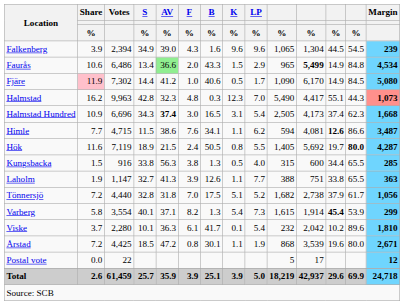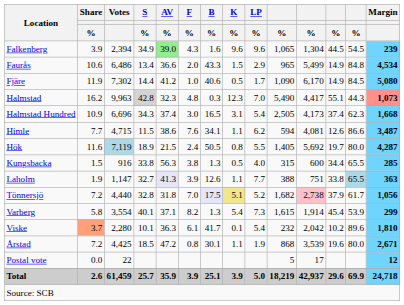 <table class="wikitable sortable" style="text-align:right; font-size:95%; line-height:20px;">
 <tr>
 <th rowspan="3">Location</th>
 <th>Share</th>
 <th>Votes</th>
 <th width="30px" class="unsortable"><a href='#'>S</a></th>
 <th width="30px" class="unsortable"><a href='#'>AV</a></th>
 <th width="30px" class="unsortable"><a href='#'>F</a></th>
 <th width="30px" class="unsortable"><a href='#'>B</a></th>
 <th width="30px" class="unsortable"><a href='#'>K</a></th>
 <th width="30px" class="unsortable"><a href='#'>LP</a></th>
 <th></th>
 <th></th>
 <th></th>
 <th></th>
 <th>Margin</th>
 </tr>
 <tr>
 <th></th>
 <th></th>
 <th style="background:"></th>
 <th style="background:"></th>
 <th style="background:"></th>
 <th style="background:"></th>
 <th style="background:"></th>
 <th style="background:"></th>
 <th style="background:"></th>
 <th style="background:"></th>
 <th style="background:"></th>
 <th style="background:"></th>
 <th></th>
 </tr>
 <tr>
 <th data-sort-type="number">%</th>
 <th></th>
 <th data-sort-type="number">%</th>
 <th data-sort-type="number">%</th>
 <th data-sort-type="number">%</th>
 <th data-sort-type="number">%</th>
 <th data-sort-type="number">%</th>
 <th data-sort-type="number">%</th>
 <th data-sort-type="number">%</th>
 <th data-sort-type="number">%</th>
 <th data-sort-type="number">%</th>
 <th data-sort-type="number">%</th>
 <th></th>
 </tr>
 <tr>
 <td align=left><a href='#'>Falkenberg</a></td>
 <td>3.9</td>
 <td>2,394</td>
 <td>34.9</td>
-<td>39.0</td>
+<td style="background: lightgreen;">39.0</td>
 <td>4.3</td>
 <td>1.6</td>
 <td>9.6</td>
 <td>9.6</td>
 <td>1,065</td>
 <td>1,304</td>
 <td>44.5</td>
 <td>54.5</td>
 <td bgcolor=#6fd5fe><strong>239</strong></td>
 </tr>
 <tr>
 <td align=left><a href='#'>Faurås</a></td>
 <td>10.6</td>
 <td>6,486</td>
 <td>13.4</td>
-<td style="background: lightgreen;">36.6</td>
+<td>36.6</td>
 <td>2.0</td>
 <td>43.3</td>
 <td>1.5</td>
 <td>2.9</td>
 <td>965</td>
-<td><strong>5,499</strong></td>
+<td>5,499</td>
 <td>14.9</td>
 <td>84.8</td>
 <td bgcolor=#6fd5fe><strong>4,534</strong></td>
 </tr>
 <tr>
 <td align=left><a href='#'>Fjäre</a></td>
-<td style="background: pink;">11.9</td>
+<td>11.9</td>
 <td>7,302</td>
 <td>14.4</td>
 <td>41.2</td>
 <td>1.0</td>
 <td>40.6</td>
 <td>0.5</td>
 <td>1.7</td>
 <td>1,090</td>
 <td>6,170</td>
 <td>14.9</td>
 <td>84.5</td>
 <td bgcolor=#6fd5fe><strong>5,080</strong></td>
 </tr>
 <tr>
 <td align=left><a href='#'>Halmstad</a></td>
 <td>16.2</td>
 <td>9,963</td>
-<td>42.8</td>
+<td style="background: lightgrey;">42.8</td>
 <td>32.3</td>
 <td>4.8</td>
 <td>0.3</td>
 <td>12.3</td>
 <td>7.0</td>
 <td>5,490</td>
 <td>4,417</td>
 <td>55.1</td>
 <td>44.3</td>
 <td bgcolor=#ff908c><strong>1,073</strong></td>
 </tr>
 <tr>
 <td align=left><a href='#'>Halmstad Hundred</a></td>
 <td>10.9</td>
 <td>6,696</td>
 <td>34.3</td>
-<td><strong>37.4</strong></td>
+<td>37.4</td>
 <td>3.0</td>
 <td>16.5</td>
 <td>3.1</td>
 <td>5.4</td>
 <td>2,505</td>
 <td>4,173</td>
 <td>37.4</td>
 <td>62.3</td>
 <td bgcolor=#6fd5fe><strong>1,668</strong></td>
 </tr>
 <tr>
 <td align=left><a href='#'>Himle</a></td>
 <td>7.7</td>
 <td>4,715</td>
 <td>11.5</td>
 <td>38.6</td>
 <td>7.6</td>
 <td>34.1</td>
 <td>1.1</td>
 <td>6.2</td>
 <td>594</td>
 <td>4,081</td>
-<td><strong>12.6</strong></td>
+<td>12.6</td>
 <td>86.6</td>
 <td bgcolor=#6fd5fe><strong>3,487</strong></td>
 </tr>
 <tr>
 <td align=left><a href='#'>Hök</a></td>
 <td>11.6</td>
-<td>7,119</td>
+<td style="background: lightblue;">7,119</td>
 <td>18.9</td>
 <td>21.5</td>
 <td>2.4</td>
 <td>50.5</td>
 <td>0.8</td>
 <td>5.5</td>
 <td>1,405</td>
 <td>5,692</td>
 <td>19.7</td>
-<td><strong>80.0</strong></td>
+<td>80.0</td>
 <td bgcolor=#6fd5fe><strong>4,287</strong></td>
 </tr>
 <tr>
 <td align=left><a href='#'>Kungsbacka</a></td>
 <td>1.5</td>
 <td>916</td>
 <td>33.8</td>
 <td>56.3</td>
 <td>3.8</td>
 <td>1.3</td>
 <td>0.5</td>
 <td>4.0</td>
 <td>315</td>
 <td>600</td>
 <td>34.4</td>
 <td>65.5</td>
 <td bgcolor=#6fd5fe><strong>285</strong></td>
 </tr>
 <tr>
 <td align=left><a href='#'>Laholm</a></td>
 <td>1.9</td>
 <td>1,147</td>
 <td>32.7</td>
-<td>41.3</td>
+<td style="background: lavender;">41.3</td>
 <td>3.9</td>
 <td>12.6</td>
 <td>1.1</td>
 <td>7.7</td>
 <td>388</td>
 <td>751</td>
 <td>33.8</td>
-<td>65.5</td>
+<td style="background: lightblue;">65.5</td>
 <td bgcolor=#6fd5fe><strong>363</strong></td>
 </tr>
 <tr>
 <td align=left><a href='#'>Tönnersjö</a></td>
 <td>7.2</td>
 <td>4,440</td>
 <td>32.8</td>
 <td>31.8</td>
 <td>7.0</td>
-<td>17.5</td>
-<td>5.1</td>
+<td style="background: lavender;">17.5</td>
+<td style="background: khaki;">5.1</td>
 <td>5.2</td>
 <td>1,682</td>
-<td>2,738</td>
+<td style="background: pink;">2,738</td>
 <td>37.9</td>
 <td>61.7</td>
 <td bgcolor=#6fd5fe><strong>1,056</strong></td>
 </tr>
 <tr>
 <td align=left><a href='#'>Varberg</a></td>
 <td>5.8</td>
 <td>3,554</td>
 <td>40.1</td>
 <td>37.1</td>
 <td>8.2</td>
 <td>1.3</td>
 <td>5.4</td>
 <td>7.3</td>
 <td>1,615</td>
 <td>1,914</td>
-<td><strong>45.4</strong></td>
+<td>45.4</td>
 <td>53.9</td>
 <td bgcolor=#6fd5fe><strong>299</strong></td>
 </tr>
 <tr>
 <td align=left><a href='#'>Viske</a></td>
-<td>3.7</td>
+<td style="background: lightsalmon;">3.7</td>
 <td>2,280</td>
 <td>10.1</td>
 <td>36.3</td>
 <td>6.1</td>
 <td>41.7</td>
 <td>0.1</td>
 <td>5.4</td>
 <td>232</td>
 <td>2,042</td>
 <td>10.2</td>
 <td>89.6</td>
 <td bgcolor=#6fd5fe><strong>1,810</strong></td>
 </tr>
 <tr>
 <td align=left><a href='#'>Årstad</a></td>
 <td>7.2</td>
 <td>4,425</td>
 <td>18.5</td>
 <td>47.2</td>
 <td>0.8</td>
 <td>30.1</td>
 <td>1.1</td>
 <td>1.9</td>
 <td>868</td>
 <td>3,539</td>
 <td>19.6</td>
 <td>80.0</td>
 <td bgcolor=#6fd5fe><strong>2,671</strong></td>
 </tr>
 <tr>
 <td align=left><a href='#'>Postal vote</a></td>
 <td>0.0</td>
 <td>22</td>
 <td></td>
 <td></td>
 <td></td>
 <td></td>
 <td></td>
 <td></td>
 <td>5</td>
 <td>17</td>
 <td></td>
 <td></td>
 <td bgcolor=#6fd5fe><strong>12</strong></td>
 </tr>
 <tr>
 </tr>
 <tr style="background:#CDCDCD;">
 <td align=left><strong>Total</strong></td>
 <td><strong>2.6</strong></td>
 <td><strong>61,459</strong></td>
 <td><strong>25.7</strong></td>
 <td><strong>35.9</strong></td>
 <td><strong>3.9</strong></td>
 <td><strong>25.1</strong></td>
 <td><strong>3.9</strong></td>
 <td><strong>5.0</strong></td>
 <td><strong>18,219</strong></td>
 <td><strong>42,937</strong></td>
 <td><strong>29.6</strong></td>
 <td><strong>69.9</strong></td>
 <td bgcolor=#6fd5fe><strong>24,718</strong></td>
 </tr>
 <tr>
 <td align=left colspan=14>Source: SCB </td>
 </tr>
 </table>
